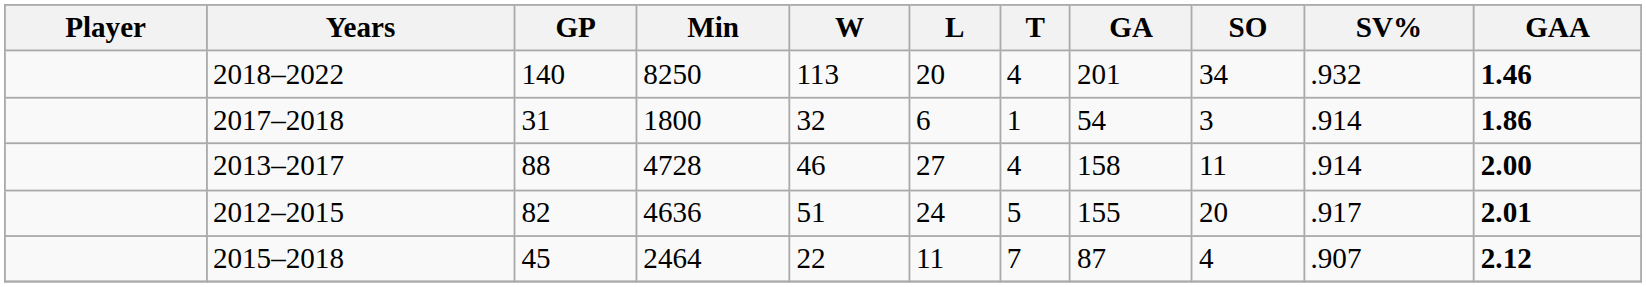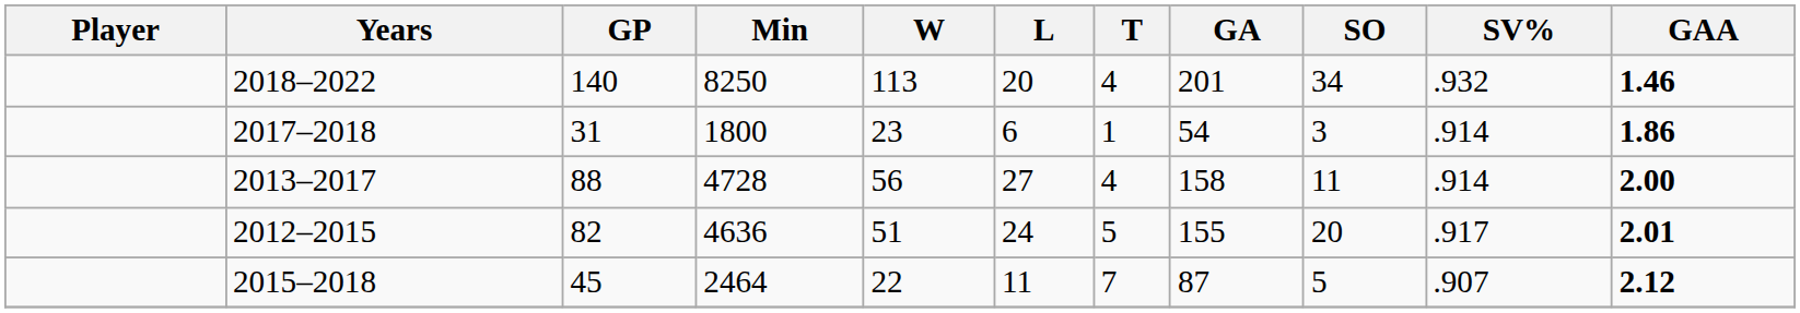 <table class="wikitable sortable" width = 900>
 <tr>
 <th>Player</th>
 <th>Years</th>
 <th>GP</th>
 <th>Min</th>
 <th>W</th>
 <th>L</th>
 <th>T</th>
 <th>GA</th>
 <th>SO</th>
 <th>SV%</th>
 <th>GAA</th>
 </tr>
 <tr>
 <td></td>
 <td>2018–2022</td>
 <td>140</td>
 <td>8250</td>
 <td>113</td>
 <td>20</td>
 <td>4</td>
 <td>201</td>
 <td>34</td>
 <td>.932</td>
 <td><strong>1.46</strong></td>
 </tr>
 <tr>
 <td></td>
 <td>2017–2018</td>
 <td>31</td>
 <td>1800</td>
-<td>32</td>
+<td>23</td>
 <td>6</td>
 <td>1</td>
 <td>54</td>
 <td>3</td>
 <td>.914</td>
 <td><strong>1.86</strong></td>
 </tr>
 <tr>
 <td></td>
 <td>2013–2017</td>
 <td>88</td>
 <td>4728</td>
-<td>46</td>
+<td>56</td>
 <td>27</td>
 <td>4</td>
 <td>158</td>
 <td>11</td>
 <td>.914</td>
 <td><strong>2.00</strong></td>
 </tr>
 <tr>
 <td></td>
 <td>2012–2015</td>
 <td>82</td>
 <td>4636</td>
 <td>51</td>
 <td>24</td>
 <td>5</td>
 <td>155</td>
 <td>20</td>
 <td>.917</td>
 <td><strong>2.01</strong></td>
 </tr>
 <tr>
 <td></td>
 <td>2015–2018</td>
 <td>45</td>
 <td>2464</td>
 <td>22</td>
 <td>11</td>
 <td>7</td>
 <td>87</td>
-<td>4</td>
+<td>5</td>
 <td>.907</td>
 <td><strong>2.12</strong></td>
 </tr>
 <tr>
 </tr>
 </table>
